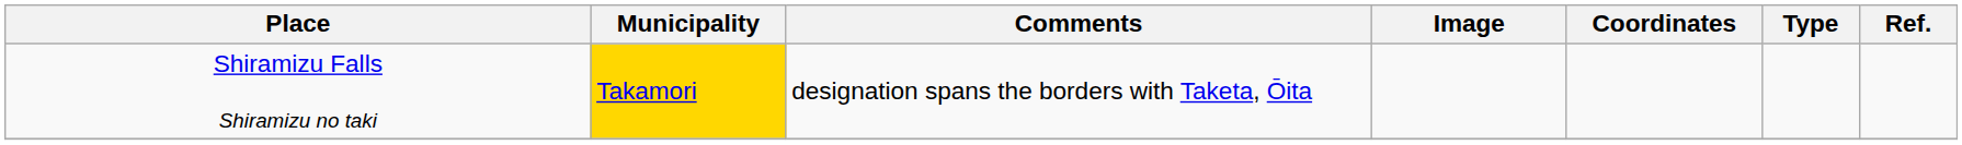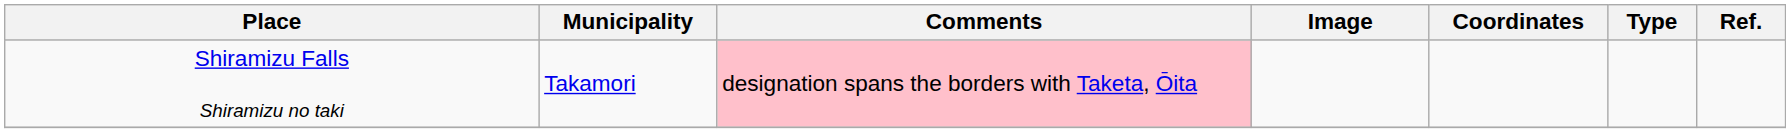 <table class="wikitable sortable"  style="width:100%;">
 <tr>
 <th width="30%" align="left">Place</th>
 <th width="10%" align="left">Municipality</th>
 <th width="30%" align="left" class="unsortable">Comments</th>
 <th width="10%" align="left"  class="unsortable">Image</th>
 <th width="10%" align="left" class="unsortable">Coordinates</th>
 <th width="5%" align="left">Type</th>
 <th width="5%" align="left"  class="unsortable">Ref.</th>
 </tr>
 <tr>
 <td align="center"><a href='#'>Shiramizu Falls</a><br><br><small><em>Shiramizu no taki</em></small></td>
-<td style="background: gold;"><a href='#'>Takamori</a></td>
-<td>designation spans the borders with <a href='#'>Taketa</a>, <a href='#'>Ōita</a></td>
+<td><a href='#'>Takamori</a></td>
+<td style="background: pink;">designation spans the borders with <a href='#'>Taketa</a>, <a href='#'>Ōita</a></td>
 <td></td>
 <td></td>
 <td></td>
 <td></td>
 </tr>
 <tr>
 </tr>
 </table>
